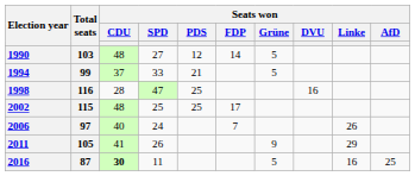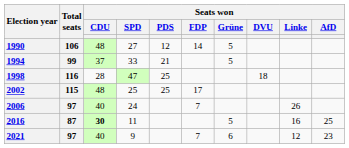 <table class="wikitable" style="text-align:center; font-size: 0.9em;">
 <tr>
 <th rowspan="3">Election year</th>
 <th rowspan="3">Total<br>seats</th>
 <th colspan="8">Seats won</th>
 </tr>
 <tr>
 <th class="unsortable" style="width:45px;"><a href='#'>CDU</a></th>
 <th class="unsortable" style="width:45px;"><a href='#'>SPD</a></th>
 <th class="unsortable" style="width:45px;"><a href='#'>PDS</a></th>
 <th class="unsortable" style="width:45px;"><a href='#'>FDP</a></th>
 <th class="unsortable" style="width:45px;"><a href='#'>Grüne</a></th>
 <th class="unsortable" style="width:45px;"><a href='#'>DVU</a></th>
 <th class="unsortable" style="width:45px;"><a href='#'>Linke</a></th>
 <th class="unsortable" style="width:45px;"><a href='#'>AfD</a></th>
 </tr>
 <tr>
 <th style="background:"></th>
 <th style="background:"></th>
 <th style="background:"></th>
 <th style="background:"></th>
 <th style="background:"></th>
 <th style="background:"></th>
 <th style="background:"></th>
 <th style="background:"></th>
 </tr>
 <tr>
 <th style="text-align: left;"><a href='#'>1990</a></th>
-<th>103</th>
+<th>106</th>
 <td style="background:#d1ffbd;">48</td>
 <td>27</td>
 <td>12</td>
 <td>14</td>
 <td>5</td>
 <td></td>
 <td></td>
 <td></td>
 </tr>
 <tr>
 <th style="text-align: left;"><a href='#'>1994</a></th>
 <th>99</th>
 <td style="background:#d1ffbd;">37</td>
 <td>33</td>
 <td>21</td>
 <td></td>
 <td>5</td>
 <td></td>
 <td></td>
 <td></td>
 </tr>
 <tr>
 <th style="text-align: left;"><a href='#'>1998</a></th>
 <th>116</th>
 <td>28</td>
 <td style="background:#d1ffbd;">47</td>
 <td>25</td>
 <td></td>
 <td></td>
-<td>16</td>
+<td>18</td>
 <td></td>
 <td></td>
 </tr>
 <tr>
 <th style="text-align: left;"><a href='#'>2002</a></th>
 <th>115</th>
 <td style="background:#d1ffbd;">48</td>
 <td>25</td>
 <td>25</td>
 <td>17</td>
 <td></td>
 <td></td>
 <td></td>
 <td></td>
 </tr>
 <tr>
 <th style="text-align: left;"><a href='#'>2006</a></th>
 <th>97</th>
 <td style="background:#d1ffbd;">40</td>
 <td>24</td>
 <td></td>
 <td>7</td>
 <td></td>
 <td></td>
 <td>26</td>
 <td></td>
 </tr>
 <tr>
-<th style="text-align: left;"><a href='#'>2011</a></th>
-<th>105</th>
-<td style="background:#d1ffbd;">41</td>
-<td>26</td>
-<td></td>
-<td></td>
-<td>9</td>
-<td></td>
-<td>29</td>
-<td></td>
-</tr>
-<tr>
 <th style="text-align: left;"><a href='#'>2016</a></th>
 <th>87</th>
 <td style="background:#d1ffbd;"><strong>30</strong></td>
 <td>11</td>
 <td></td>
 <td></td>
 <td>5</td>
 <td></td>
 <td>16</td>
 <td>25</td>
 </tr>
+<tr>
+<th style="text-align: left;"><a href='#'>2021</a></th>
+<th>97</th>
+<td style="background:#d1ffbd;">40</td>
+<td>9</td>
+<td></td>
+<td>7</td>
+<td>6</td>
+<td></td>
+<td>12</td>
+<td>23</td>
+</tr>
 </table>
